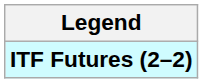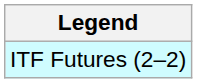 <table class=wikitable style=font-size:97%>
 <tr>
 <th>Legend</th>
 </tr>
 <tr bgcolor=cffcff>
-<td><strong>ITF Futures (2–2)</strong></td>
+<td>ITF Futures (2–2)</td>
 </tr>
 </table>
